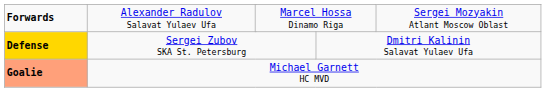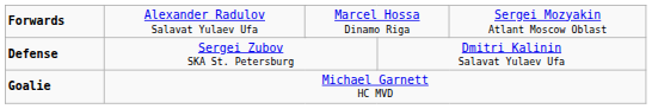 <table class="wikitable" width ="80%">
 <tr>
 <td><strong>Forwards</strong></td>
 <td align="center" colspan=2> <a href='#'>Alexander Radulov</a><br><small>Salavat Yulaev Ufa</small></td>
 <td align="center" colspan=2> <a href='#'>Marcel Hossa</a><br><small>Dinamo Riga</small></td>
 <td align="center" colspan=2> <a href='#'>Sergei Mozyakin</a><br><small>Atlant Moscow Oblast</small></td>
 </tr>
 <tr>
-<td style="background: gold;"><strong>Defense</strong></td>
+<td><strong>Defense</strong></td>
 <td align="center" colspan=3> <a href='#'>Sergei Zubov</a><br><small>SKA St. Petersburg</small></td>
 <td align="center" colspan=3> <a href='#'>Dmitri Kalinin</a><br><small>Salavat Yulaev Ufa</small></td>
 </tr>
 <tr>
-<td style="background: lightsalmon;"><strong>Goalie</strong></td>
+<td><strong>Goalie</strong></td>
 <td align="center" colspan=6> <a href='#'>Michael Garnett</a><br><small>HC MVD</small></td>
 </tr>
 </table>
